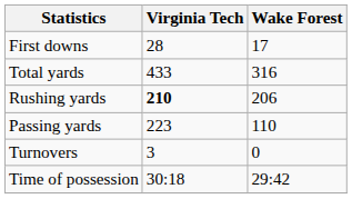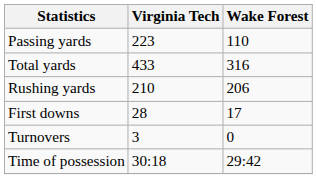 <table class="wikitable">
 <tr>
 <th>Statistics</th>
 <th>Virginia Tech</th>
 <th>Wake Forest</th>
 </tr>
 <tr>
-<td>First downs</td>
-<td>28</td>
-<td>17</td>
+<td>Passing yards</td>
+<td>223</td>
+<td>110</td>
 </tr>
 <tr>
 <td>Total yards</td>
 <td>433</td>
 <td>316</td>
 </tr>
 <tr>
 <td>Rushing yards</td>
-<td><strong>210</strong></td>
+<td>210</td>
 <td>206</td>
 </tr>
 <tr>
-<td>Passing yards</td>
-<td>223</td>
-<td>110</td>
+<td>First downs</td>
+<td>28</td>
+<td>17</td>
 </tr>
 <tr>
 <td>Turnovers</td>
 <td>3</td>
 <td>0</td>
 </tr>
 <tr>
 <td>Time of possession</td>
 <td>30:18</td>
 <td>29:42</td>
 </tr>
 <tr>
 </tr>
 </table>
